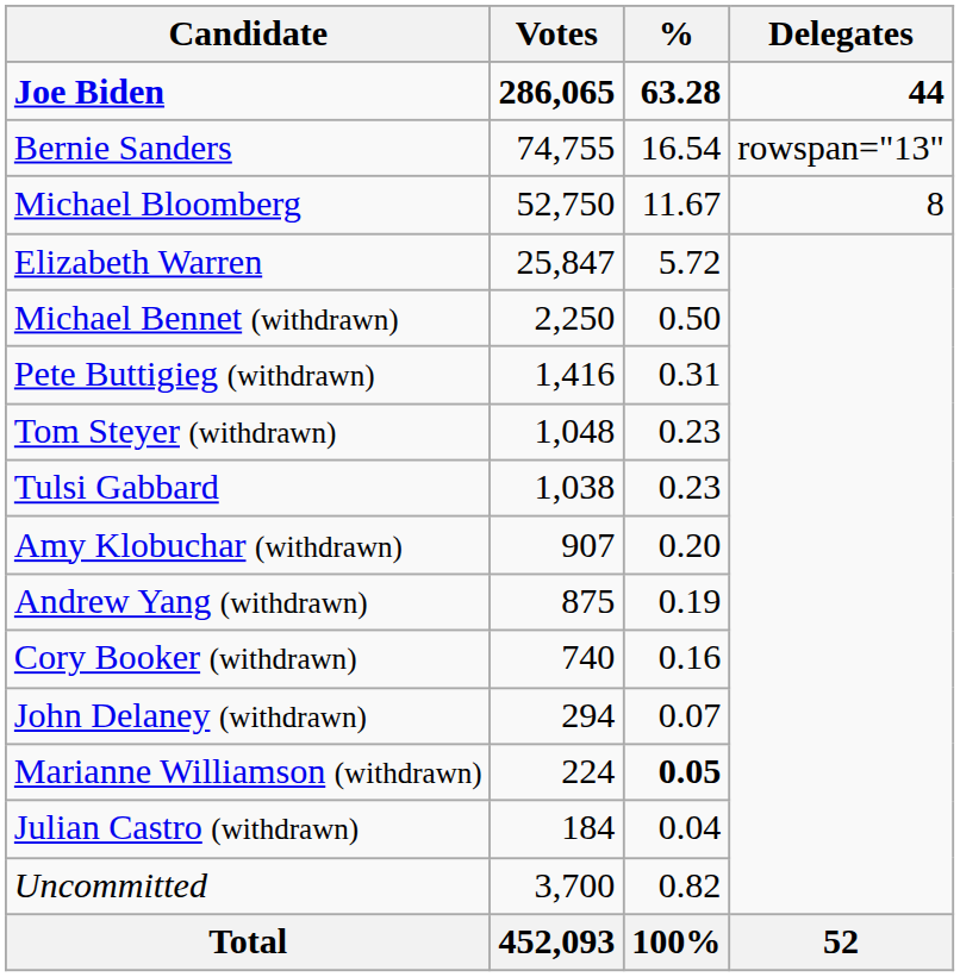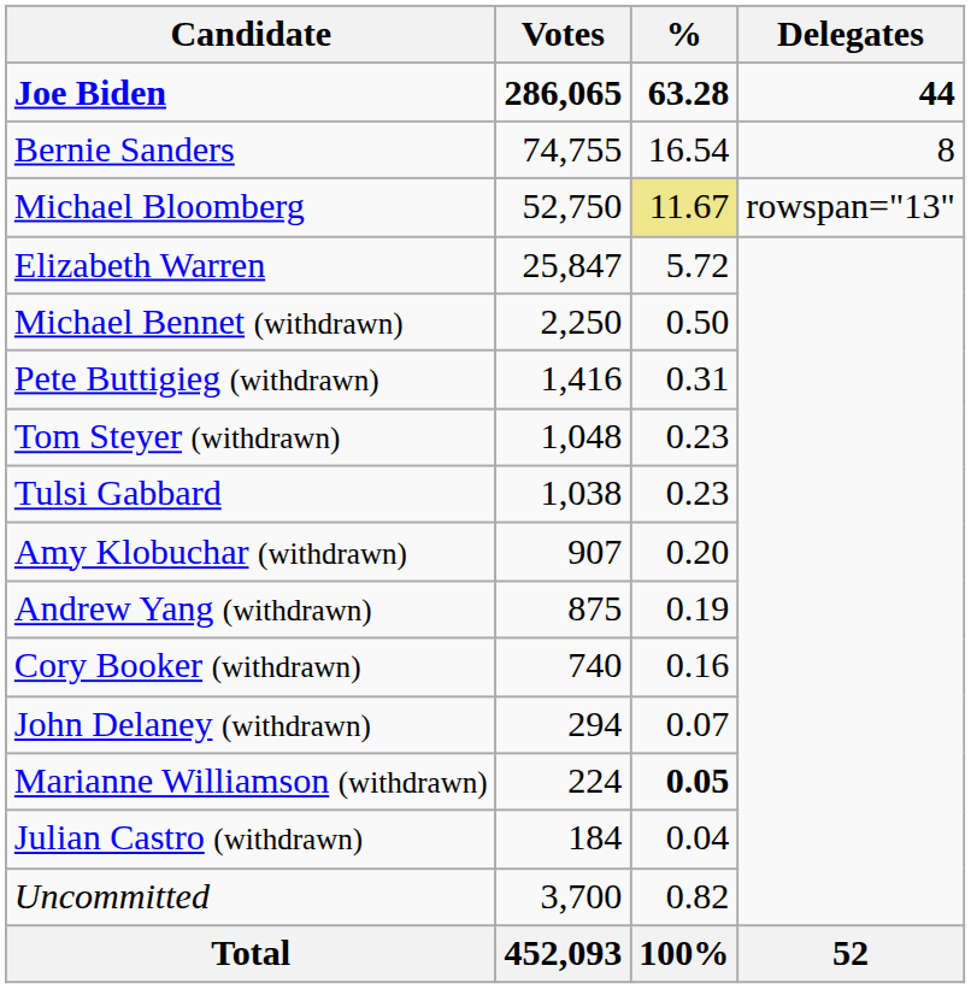 <table class="wikitable sortable" style="text-align:right;">
 <tr>
 <th>Candidate</th>
 <th>Votes</th>
 <th>%</th>
 <th>Delegates</th>
 </tr>
 <tr>
 <td style="text-align:left;" data-sort-value="Biden, Joe"><strong><a href='#'>Joe Biden</a></strong></td>
 <td><strong>286,065</strong></td>
 <td><strong>63.28</strong></td>
 <td><strong>44</strong></td>
 </tr>
 <tr>
 <td style="text-align:left;" data-sort-value="Sanders, Bernie"><a href='#'>Bernie Sanders</a></td>
 <td>74,755</td>
 <td>16.54</td>
-<td>rowspan="13" </td>
+<td>8</td>
 </tr>
 <tr>
 <td style="text-align:left;" data-sort-value="Bloomberg, Michael"><a href='#'>Michael Bloomberg</a></td>
 <td>52,750</td>
-<td>11.67</td>
-<td>8</td>
+<td style="background: khaki;">11.67</td>
+<td>rowspan="13" </td>
 </tr>
 <tr>
 <td style="text-align:left;" data-sort-value="Warren, Elizabeth"><a href='#'>Elizabeth Warren</a></td>
 <td>25,847</td>
 <td>5.72</td>
 </tr>
 <tr>
 <td style="text-align:left;" data-sort-value="Bennet, Michael"><a href='#'>Michael Bennet</a> <small>(withdrawn)</small></td>
 <td>2,250</td>
 <td>0.50</td>
 </tr>
 <tr>
 <td style="text-align:left;" data-sort-value="Buttigieg, Pete"><a href='#'>Pete Buttigieg</a> <small>(withdrawn)</small></td>
 <td>1,416</td>
 <td>0.31</td>
 </tr>
 <tr>
 <td style="text-align:left;" data-sort-value="Steyer, Tom"><a href='#'>Tom Steyer</a> <small>(withdrawn)</small></td>
 <td>1,048</td>
 <td>0.23</td>
 </tr>
 <tr>
 <td style="text-align:left;" data-sort-value="Gabbard, Tulsi"><a href='#'>Tulsi Gabbard</a></td>
 <td>1,038</td>
 <td>0.23</td>
 </tr>
 <tr>
 <td style="text-align:left;" data-sort-value="Klobuchar, Amy"><a href='#'>Amy Klobuchar</a> <small>(withdrawn)</small></td>
 <td>907</td>
 <td>0.20</td>
 </tr>
 <tr>
 <td style="text-align:left;" data-sort-value="Yang, Andrew"><a href='#'>Andrew Yang</a> <small>(withdrawn)</small></td>
 <td>875</td>
 <td>0.19</td>
 </tr>
 <tr>
 <td style="text-align:left;" data-sort-value="Booker, Cory"><a href='#'>Cory Booker</a> <small>(withdrawn)</small></td>
 <td>740</td>
 <td>0.16</td>
 </tr>
 <tr>
 <td style="text-align:left;" data-sort-value="Delaney, John"><a href='#'>John Delaney</a> <small>(withdrawn)</small></td>
 <td>294</td>
 <td>0.07</td>
 </tr>
 <tr>
 <td style="text-align:left;" data-sort-value="Williamson, Marianne"><a href='#'>Marianne Williamson</a> <small>(withdrawn)</small></td>
 <td>224</td>
 <td><strong>0.05</strong></td>
 </tr>
 <tr>
 <td style="text-align:left;" data-sort-value="Castro, J"><a href='#'>Julian Castro</a> <small>(withdrawn)</small></td>
 <td>184</td>
 <td>0.04</td>
 </tr>
 <tr>
 <td style="text-align:left;" data-sort-value="ZZZ"><em>Uncommitted</em></td>
 <td>3,700</td>
 <td>0.82</td>
 </tr>
 <tr>
 <th>Total</th>
 <th>452,093</th>
 <th>100%</th>
 <th>52</th>
 </tr>
 </table>
